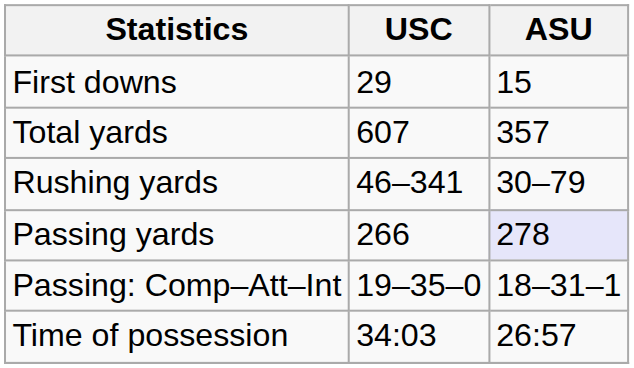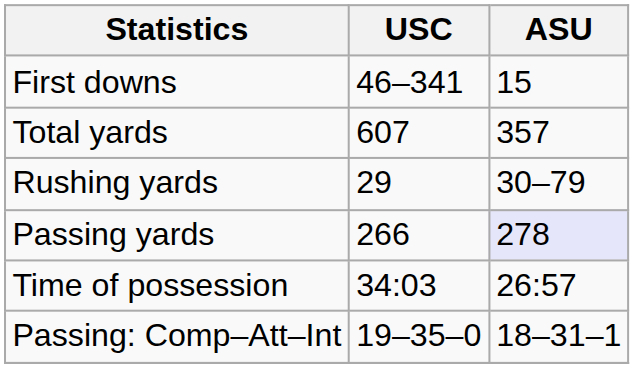 <table class="wikitable" style="float: left;">
 <tr>
 <th>Statistics</th>
 <th>USC</th>
 <th>ASU</th>
 </tr>
 <tr>
 <td>First downs</td>
-<td>29</td>
+<td>46–341</td>
 <td>15</td>
 </tr>
 <tr>
 <td>Total yards</td>
 <td>607</td>
 <td>357</td>
 </tr>
 <tr>
 <td>Rushing yards</td>
-<td>46–341</td>
+<td>29</td>
 <td>30–79</td>
 </tr>
 <tr>
 <td>Passing yards</td>
 <td>266</td>
 <td style="background: lavender;">278</td>
 </tr>
 <tr>
+<td>Time of possession</td>
+<td>34:03</td>
+<td>26:57</td>
+</tr>
+<tr>
 <td>Passing: Comp–Att–Int</td>
 <td>19–35–0</td>
 <td>18–31–1</td>
 </tr>
 <tr>
-<td>Time of possession</td>
-<td>34:03</td>
-<td>26:57</td>
-</tr>
-<tr>
 </tr>
 </table>
